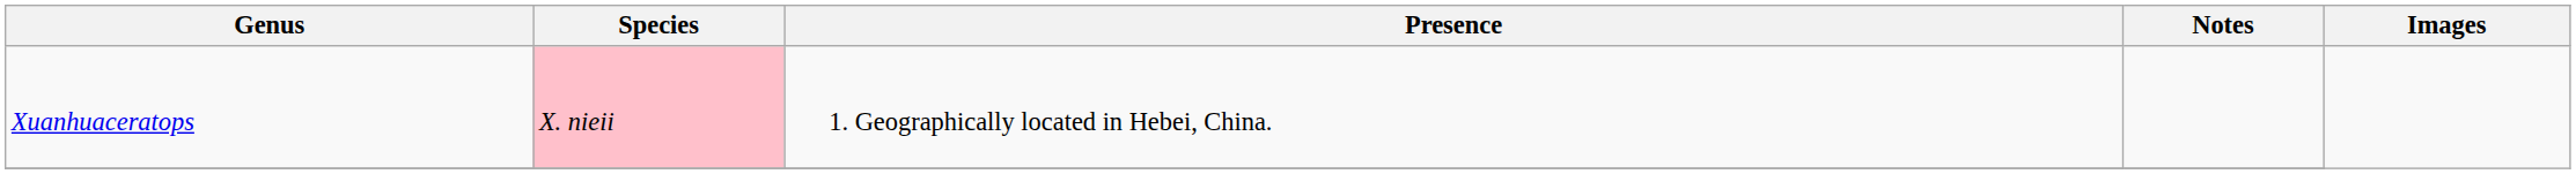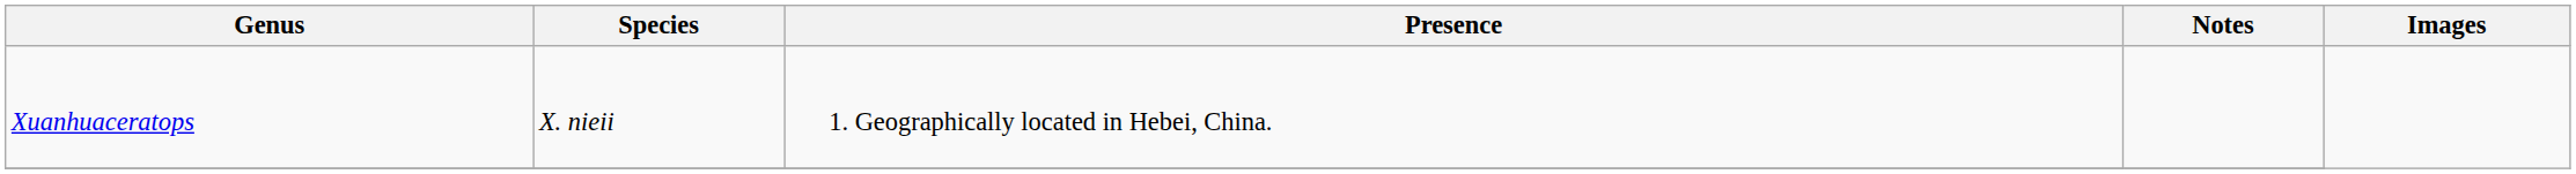 <table class="wikitable" align="center" width="100%">
 <tr>
 <th>Genus</th>
 <th>Species</th>
 <th>Presence</th>
 <th>Notes</th>
 <th>Images</th>
 </tr>
 <tr>
 <td><br><em><a href='#'>Xuanhuaceratops</a></em></td>
-<td style="background: pink;"><br><em>X. nieii</em></td>
+<td><br><em>X. nieii</em></td>
 <td><br><ol><li>Geographically located in Hebei, China.</li></ol></td>
 <td></td>
 <td rowspan="99"></td>
 </tr>
 <tr>
 </tr>
 </table>
